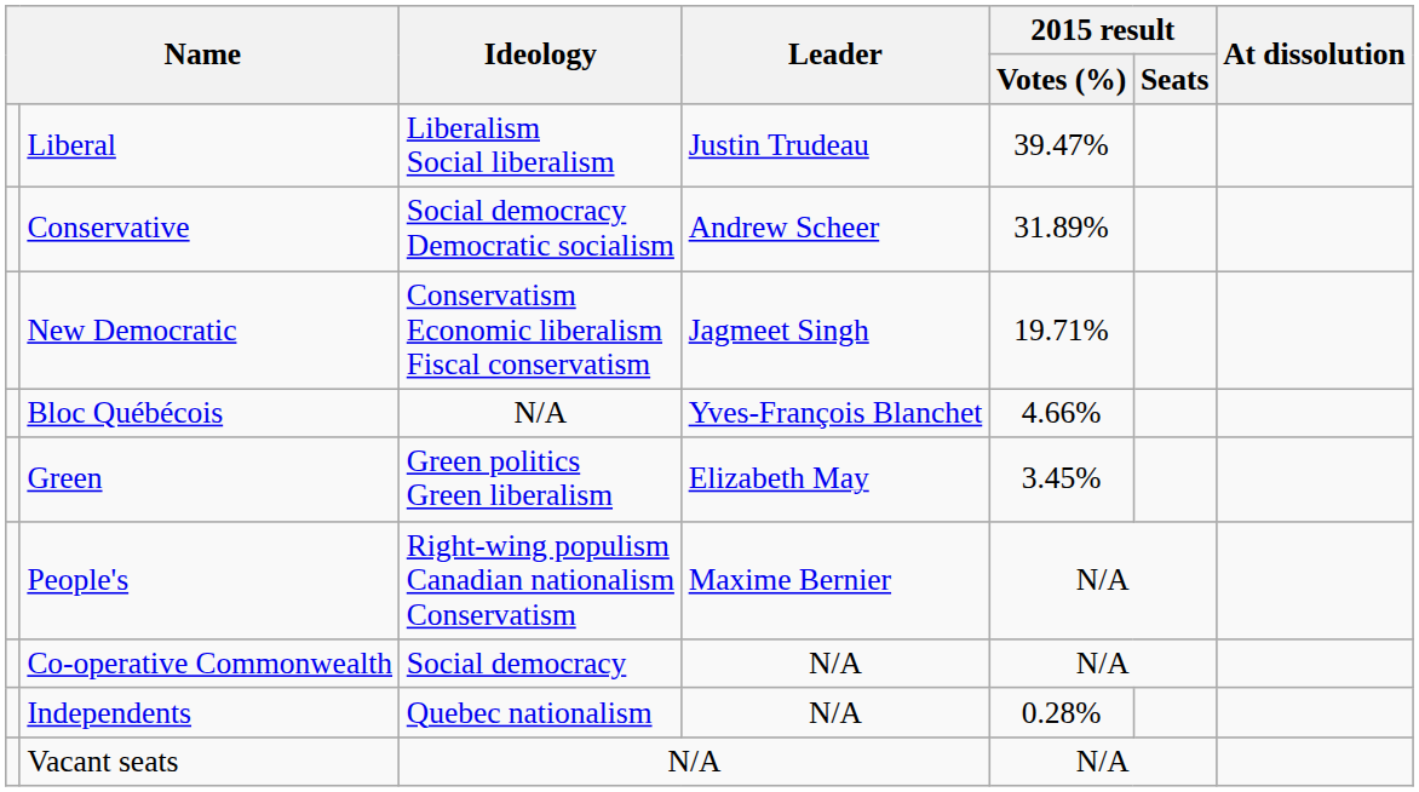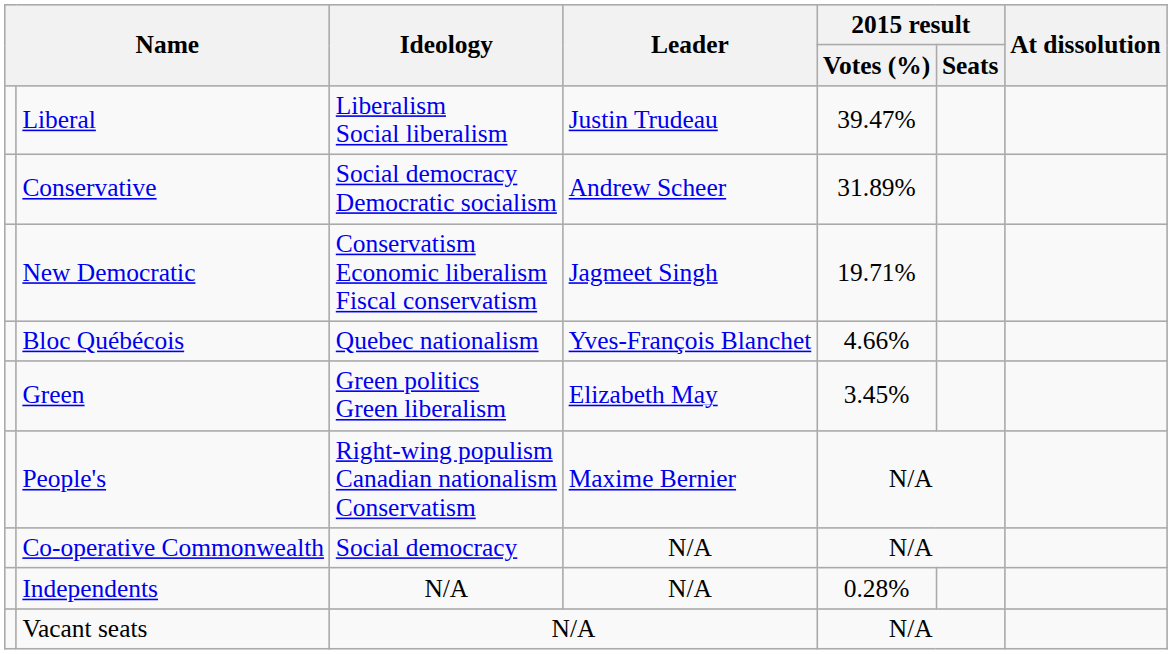 <table class="wikitable">
 <tr>
 <th colspan="2" rowspan="2">Name</th>
 <th rowspan="2">Ideology</th>
 <th rowspan="2">Leader</th>
 <th colspan="2">2015 result</th>
 <th rowspan="2">At dissolution</th>
 </tr>
 <tr>
 <th>Votes (%)</th>
 <th>Seats</th>
 </tr>
 <tr>
 <td style="background:"></td>
 <td><a href='#'>Liberal</a></td>
 <td><a href='#'>Liberalism</a><br><a href='#'>Social liberalism</a></td>
 <td><a href='#'>Justin Trudeau</a></td>
 <td style="text-align:center;">39.47%</td>
 <td></td>
 <td></td>
 </tr>
 <tr>
 <td style="background:"></td>
 <td><a href='#'>Conservative</a></td>
 <td><a href='#'>Social democracy</a><br><a href='#'>Democratic socialism</a></td>
 <td><a href='#'>Andrew Scheer</a></td>
 <td style="text-align:center;">31.89%</td>
 <td></td>
 <td></td>
 </tr>
 <tr>
 <td style="background:"></td>
 <td><a href='#'>New Democratic</a></td>
 <td><a href='#'>Conservatism</a><br><a href='#'>Economic liberalism</a><br><a href='#'>Fiscal conservatism</a></td>
 <td><a href='#'>Jagmeet Singh</a></td>
 <td style="text-align:center;">19.71%</td>
 <td></td>
 <td></td>
 </tr>
 <tr>
 <td style="background:"></td>
 <td><a href='#'>Bloc Québécois</a></td>
-<td style="text-align:center;">N/A</td>
+<td><a href='#'>Quebec nationalism</a></td>
 <td><a href='#'>Yves-François Blanchet</a></td>
 <td style="text-align:center;">4.66%</td>
 <td></td>
 <td></td>
 </tr>
 <tr>
 <td style="background:"></td>
 <td><a href='#'>Green</a></td>
 <td><a href='#'>Green politics</a><br><a href='#'>Green liberalism</a></td>
 <td><a href='#'>Elizabeth May</a></td>
 <td style="text-align:center;">3.45%</td>
 <td></td>
 <td></td>
 </tr>
 <tr>
 <td style="background:"></td>
 <td><a href='#'>People's</a></td>
 <td><a href='#'>Right-wing populism</a><br><a href='#'>Canadian nationalism</a><br><a href='#'>Conservatism</a></td>
 <td><a href='#'>Maxime Bernier</a></td>
 <td colspan="2" style="text-align:center;">N/A</td>
 <td></td>
 </tr>
 <tr>
 <td style="background:"></td>
 <td><a href='#'>Co-operative Commonwealth</a></td>
 <td><a href='#'>Social democracy</a></td>
 <td style="text-align:center;">N/A</td>
 <td colspan="2" style="text-align:center;">N/A</td>
 <td></td>
 </tr>
 <tr>
 <td style="background:"></td>
 <td><a href='#'>Independents</a></td>
-<td><a href='#'>Quebec nationalism</a></td>
+<td style="text-align:center;">N/A</td>
 <td style="text-align:center;">N/A</td>
 <td style="text-align:center;">0.28%</td>
 <td></td>
 <td></td>
 </tr>
 <tr>
 <td></td>
 <td>Vacant seats</td>
 <td colspan="2" style="text-align:center;">N/A</td>
 <td colspan="2" style="text-align:center;">N/A</td>
 <td></td>
 </tr>
 </table>
